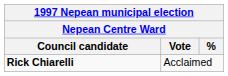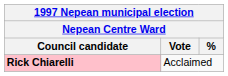 <table class="wikitable">
 <tr>
 <th colspan=3><a href='#'>1997 Nepean municipal election</a></th>
 </tr>
 <tr>
 <th colspan="3"><a href='#'>Nepean Centre Ward</a></th>
 </tr>
 <tr>
 <th bgcolor="#DDDDFF" width="230px">Council candidate</th>
 <th bgcolor="#DDDDFF" width="50px">Vote</th>
 <th bgcolor="#DDDDFF" width="30px">%</th>
 </tr>
 <tr>
-<td><strong>Rick Chiarelli</strong></td>
+<td style="background: pink;"><strong>Rick Chiarelli</strong></td>
 <td colspan="2">Acclaimed</td>
 </tr>
 </table>
